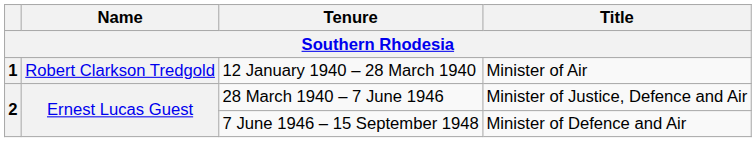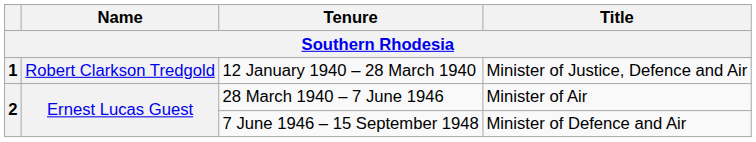 <table class="wikitable">
 <tr>
 <th></th>
 <th>Name</th>
 <th>Tenure</th>
 <th>Title</th>
 </tr>
 <tr>
 <th colspan="4" align="center"><a href='#'>Southern Rhodesia</a></th>
 </tr>
 <tr>
 <th style="background-color:">1</th>
 <th align="center" scope="row" style="font-weight:normal;"><a href='#'>Robert Clarkson Tredgold</a></th>
 <td>12 January 1940 – 28 March 1940</td>
-<td>Minister of Air</td>
+<td>Minister of Justice, Defence and Air</td>
 </tr>
 <tr>
 <th rowspan=2 style="background-color:">2</th>
 <th rowspan=2 align="center" scope="row" style="font-weight:normal;"><a href='#'>Ernest Lucas Guest</a></th>
 <td>28 March 1940 – 7 June 1946</td>
-<td>Minister of Justice, Defence and Air</td>
+<td>Minister of Air</td>
 </tr>
 <tr>
 <td>7 June 1946 – 15 September 1948</td>
 <td>Minister of Defence and Air</td>
 </tr>
 </table>
